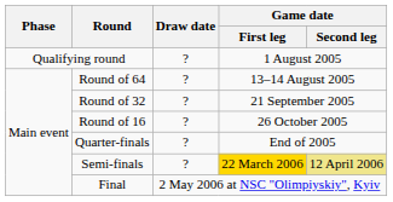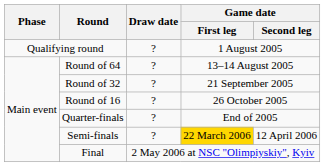 <table class="wikitable" style="text-align:center">
 <tr>
 <th rowspan=2>Phase</th>
 <th rowspan=2>Round</th>
 <th rowspan=2>Draw date</th>
 <th colspan=2>Game date</th>
 </tr>
 <tr>
 <th>First leg</th>
 <th>Second leg</th>
 </tr>
 <tr>
 <td colspan=2>Qualifying round</td>
 <td>?</td>
 <td colspan=2>1 August 2005</td>
 </tr>
 <tr>
 <td rowspan=6>Main event</td>
 <td>Round of 64</td>
 <td>?</td>
 <td colspan=2>13–14 August 2005</td>
 </tr>
 <tr>
 <td>Round of 32</td>
 <td>?</td>
 <td colspan=2>21 September 2005</td>
 </tr>
 <tr>
 <td>Round of 16</td>
 <td>?</td>
 <td colspan=2>26 October 2005</td>
 </tr>
 <tr>
 <td>Quarter-finals</td>
 <td>?</td>
 <td colspan=2>End of 2005</td>
 </tr>
 <tr>
 <td>Semi-finals</td>
 <td>?</td>
 <td style="background: gold;">22 March 2006</td>
-<td style="background: khaki;">12 April 2006</td>
+<td>12 April 2006</td>
 </tr>
 <tr>
 <td>Final</td>
 <td colspan="3">2 May 2006 at <a href='#'>NSC "Olimpiyskiy"</a>, <a href='#'>Kyiv</a></td>
 </tr>
 </table>
